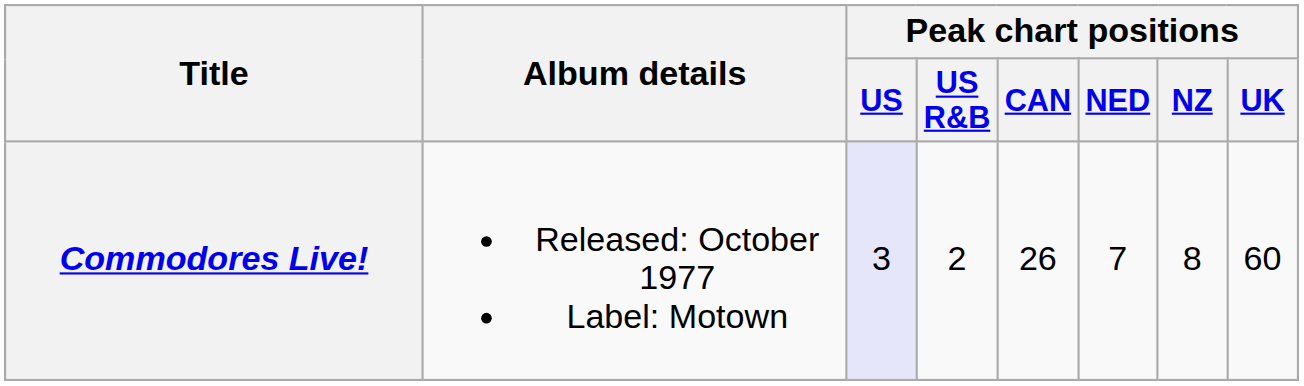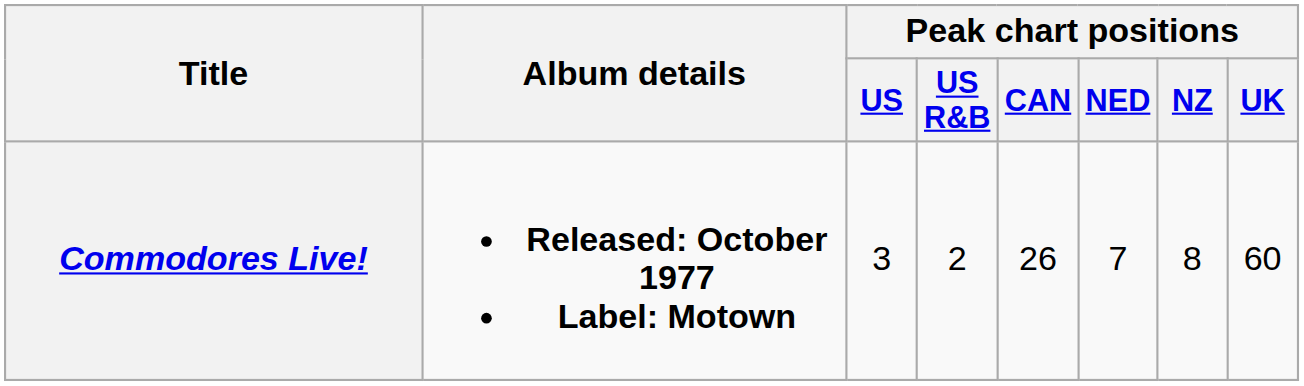 <table class="wikitable plainrowheaders" style="text-align:center;">
 <tr>
 <th scope="col" rowspan="2" style="width:14em;">Title</th>
 <th scope="col" rowspan="2" style="width:14em;">Album details</th>
 <th scope="col" colspan="6">Peak chart positions</th>
 </tr>
 <tr>
 <th style="width:2em;font-size:90%;"><a href='#'>US</a><br></th>
 <th style="width:2em;font-size:90%;"><a href='#'>US<br>R&B</a><br></th>
 <th style="width:2em;font-size:90%;"><a href='#'>CAN</a><br></th>
 <th style="width:2em;font-size:90%;"><a href='#'>NED</a><br></th>
 <th style="width:2em;font-size:90%;"><a href='#'>NZ</a><br></th>
 <th style="width:2em;font-size:90%;"><a href='#'>UK</a><br></th>
 </tr>
 <tr>
 <th scope="row"><em><a href='#'>Commodores Live!</a></em></th>
-<td><br><ul><li>Released: October 1977</li><li>Label: Motown</li></ul></td>
-<td style="background: lavender;">3</td>
+<td><strong><br><ul><li>Released: October 1977</li><li>Label: Motown</li></ul></strong></td>
+<td>3</td>
 <td>2</td>
 <td>26</td>
 <td>7</td>
 <td>8</td>
 <td>60</td>
 </tr>
 </table>
